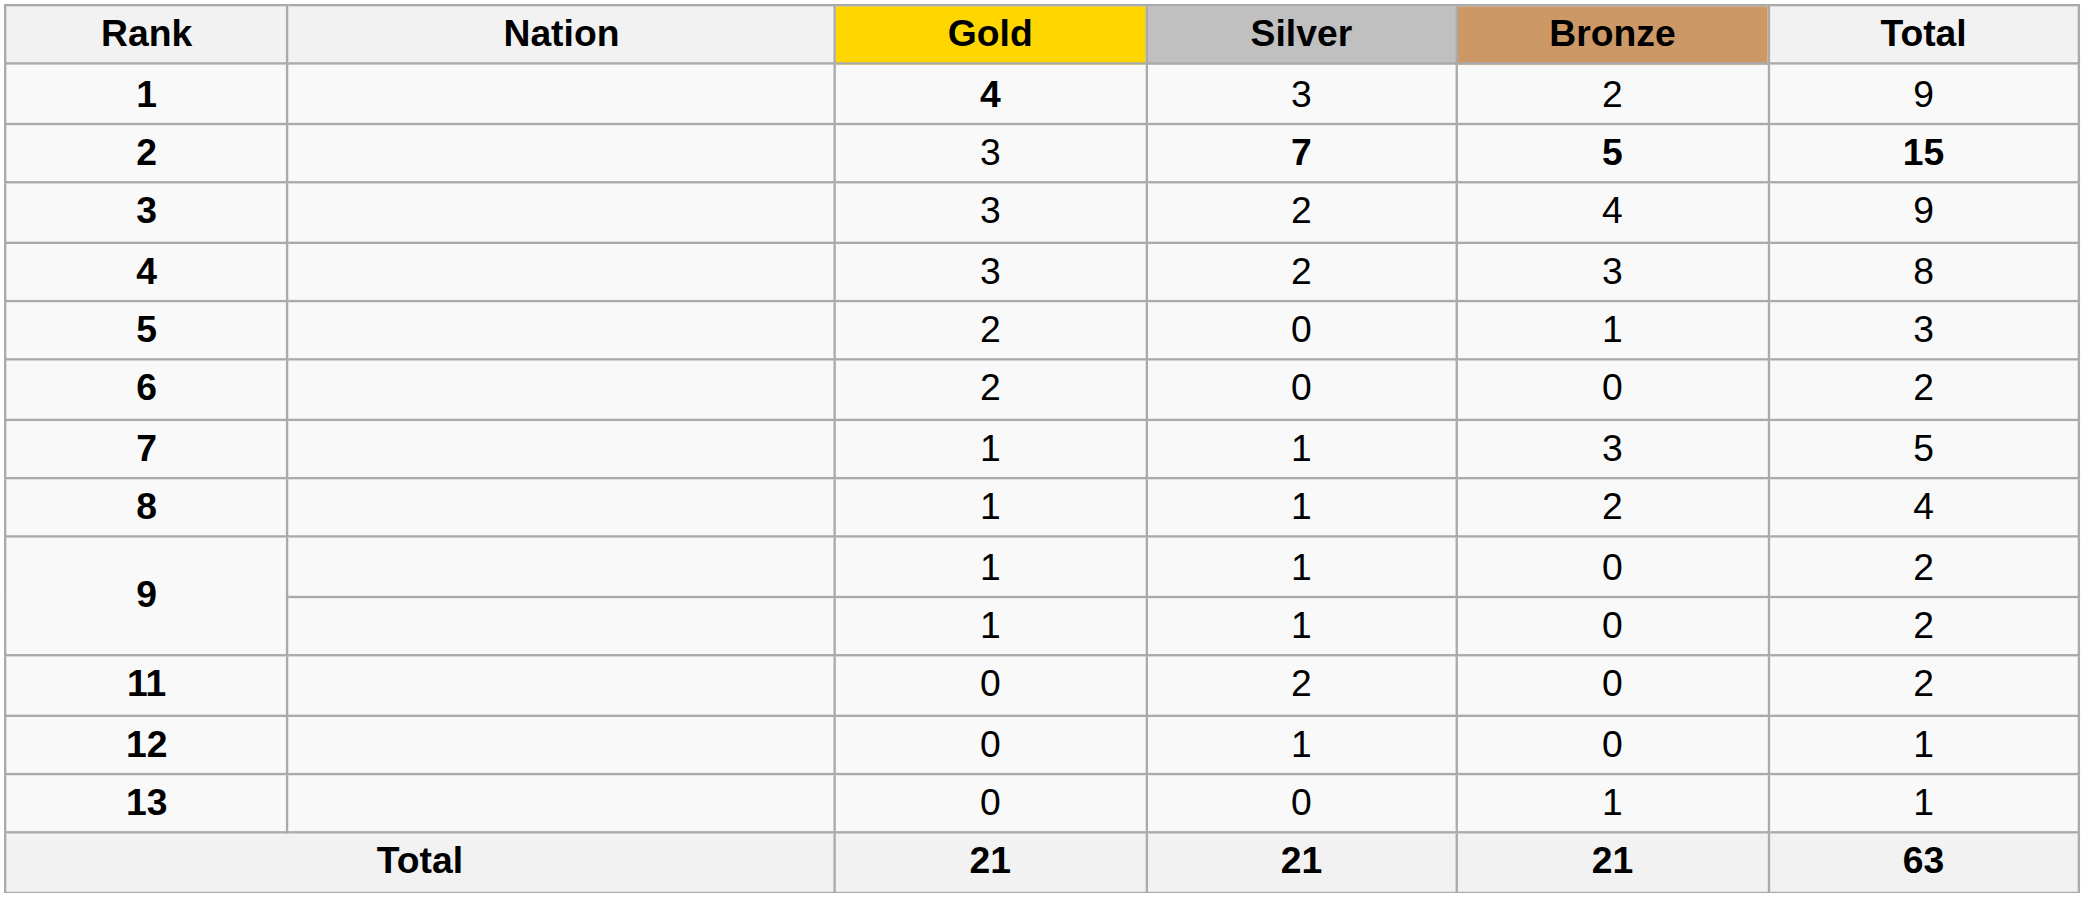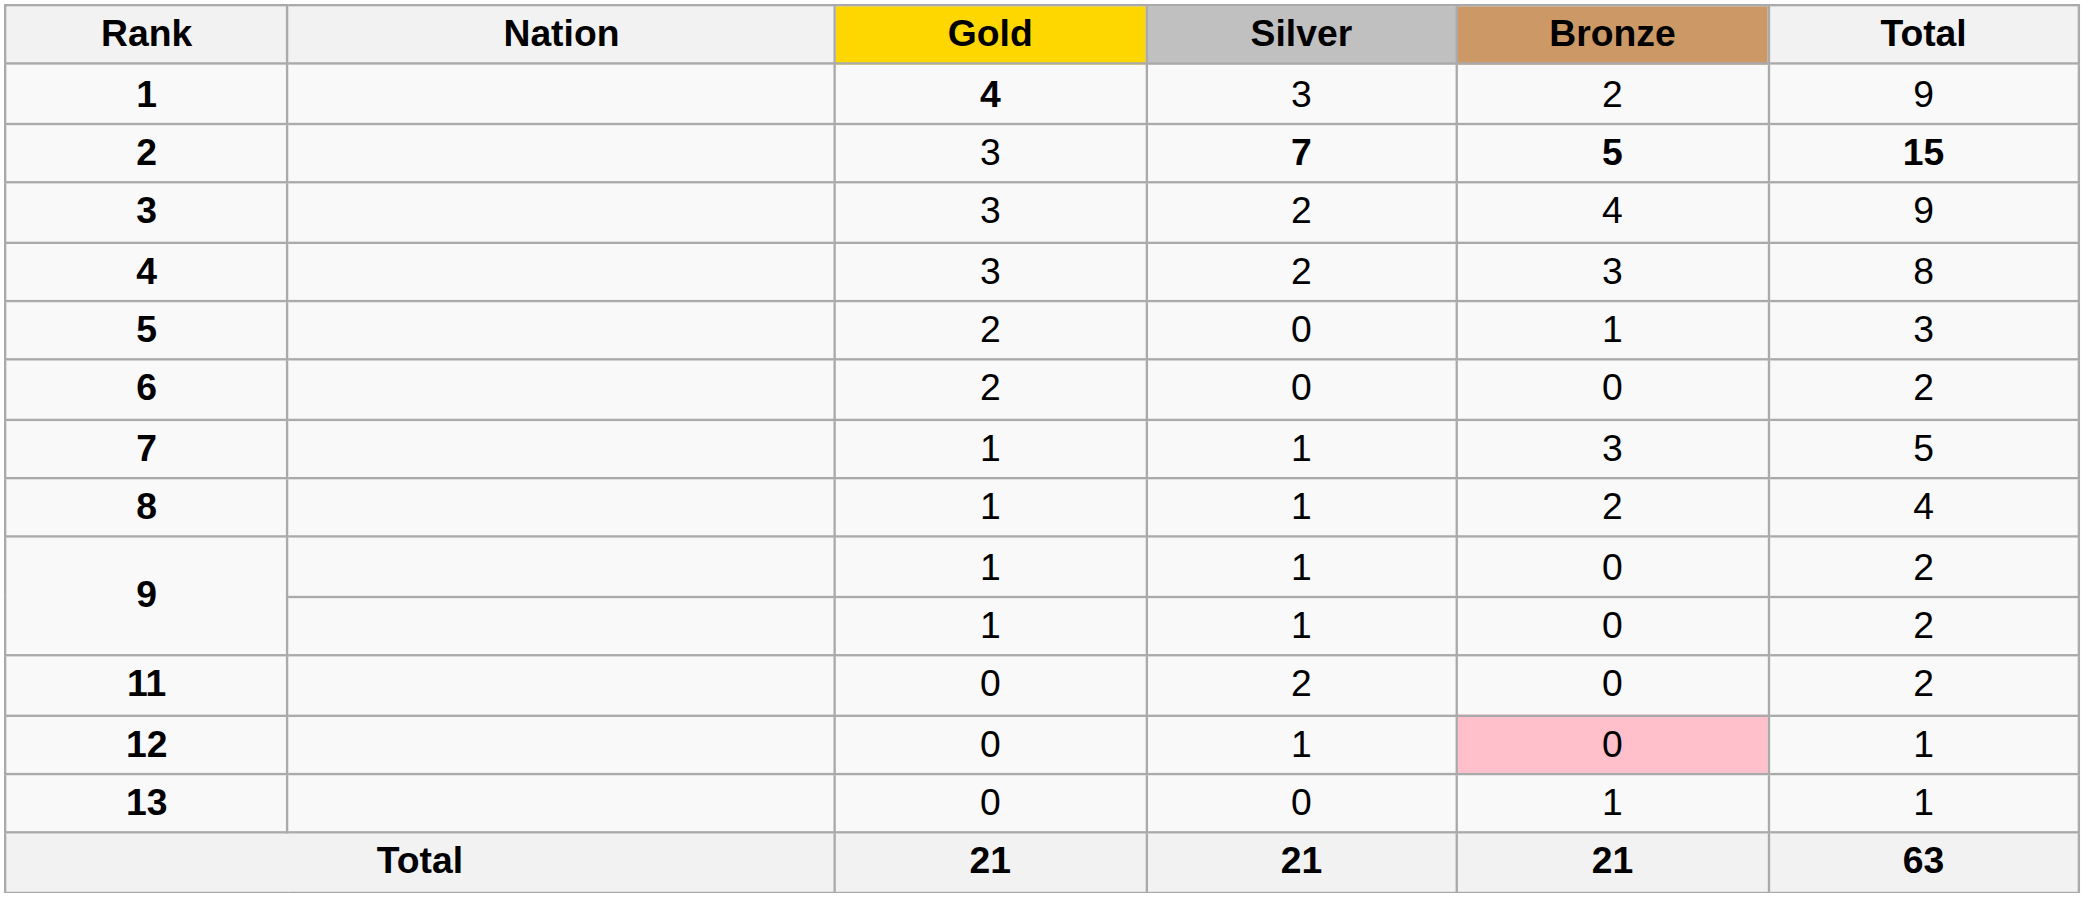 <table class="wikitable collapsible autocollapse plainrowheaders" width=70.5% style="text-align:center;">
 <tr style="background-color:#EDEDED;">
 <th width=100px class="hintergrundfarbe5">Rank</th>
 <th width=200px class="hintergrundfarbe6">Nation</th>
 <th style="background:    gold; width:15%">Gold</th>
 <th style="background:  silver; width:15%">Silver</th>
 <th style="background: #CC9966; width:15%">Bronze</th>
 <th class="hintergrundfarbe6" style="width:15%">Total</th>
 </tr>
 <tr>
 <td><strong>1</strong></td>
 <td align=left></td>
 <td><strong>4</strong></td>
 <td>3</td>
 <td>2</td>
 <td>9</td>
 </tr>
 <tr>
 <td><strong>2</strong></td>
 <td align=left></td>
 <td>3</td>
 <td><strong>7</strong></td>
 <td><strong>5</strong></td>
 <td><strong>15</strong></td>
 </tr>
 <tr>
 <td><strong>3</strong></td>
 <td align=left><em></em></td>
 <td>3</td>
 <td>2</td>
 <td>4</td>
 <td>9</td>
 </tr>
 <tr>
 <td><strong>4</strong></td>
 <td align=left></td>
 <td>3</td>
 <td>2</td>
 <td>3</td>
 <td>8</td>
 </tr>
 <tr>
 <td><strong>5</strong></td>
 <td align=left></td>
 <td>2</td>
 <td>0</td>
 <td>1</td>
 <td>3</td>
 </tr>
 <tr>
 <td><strong>6</strong></td>
 <td align=left></td>
 <td>2</td>
 <td>0</td>
 <td>0</td>
 <td>2</td>
 </tr>
 <tr>
 <td><strong>7</strong></td>
 <td align=left></td>
 <td>1</td>
 <td>1</td>
 <td>3</td>
 <td>5</td>
 </tr>
 <tr>
 <td><strong>8</strong></td>
 <td align=left></td>
 <td>1</td>
 <td>1</td>
 <td>2</td>
 <td>4</td>
 </tr>
 <tr>
 <td rowspan=2><strong>9</strong></td>
 <td align=left></td>
 <td>1</td>
 <td>1</td>
 <td>0</td>
 <td>2</td>
 </tr>
 <tr>
 <td align=left></td>
 <td>1</td>
 <td>1</td>
 <td>0</td>
 <td>2</td>
 </tr>
 <tr>
 <td><strong>11</strong></td>
 <td align=left></td>
 <td>0</td>
 <td>2</td>
 <td>0</td>
 <td>2</td>
 </tr>
 <tr>
 <td><strong>12</strong></td>
 <td align=left></td>
 <td>0</td>
 <td>1</td>
-<td>0</td>
+<td style="background: pink;">0</td>
 <td>1</td>
 </tr>
 <tr>
 <td><strong>13</strong></td>
 <td align=left></td>
 <td>0</td>
 <td>0</td>
 <td>1</td>
 <td>1</td>
 </tr>
 <tr>
 <th colspan=2>Total</th>
 <th>21</th>
 <th>21</th>
 <th>21</th>
 <th>63</th>
 </tr>
 </table>
